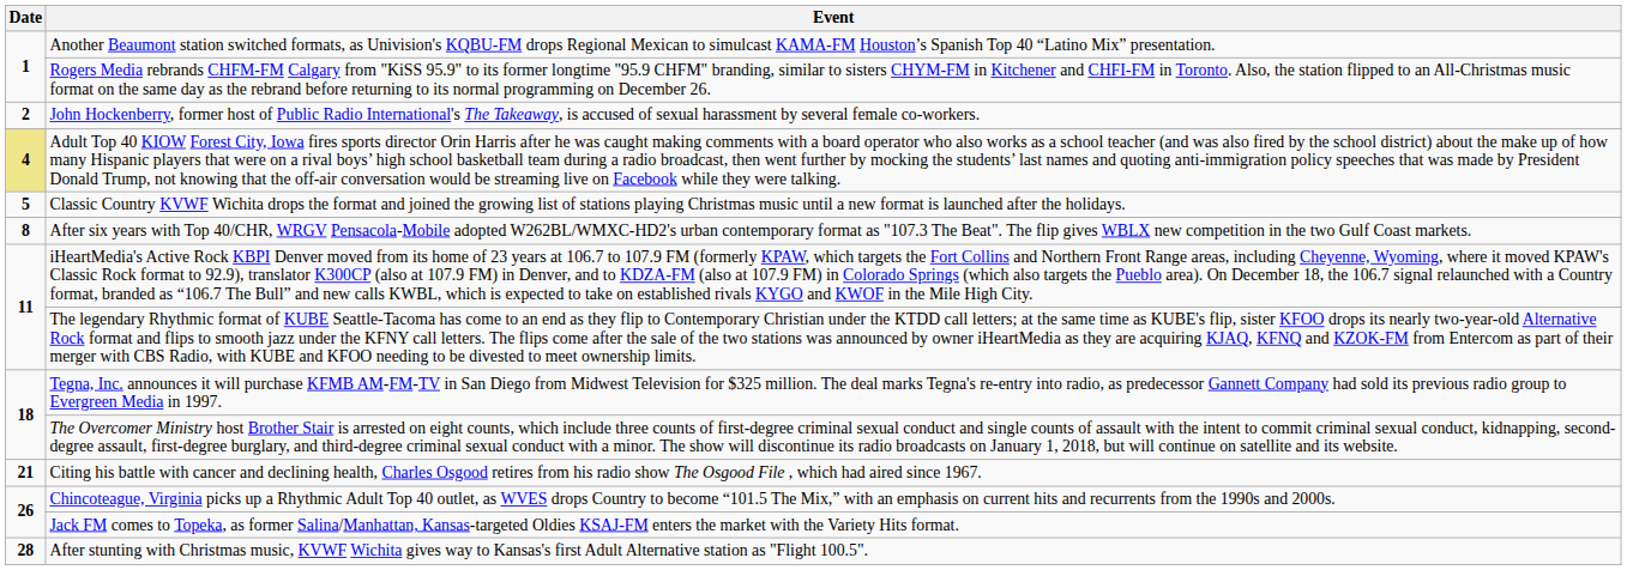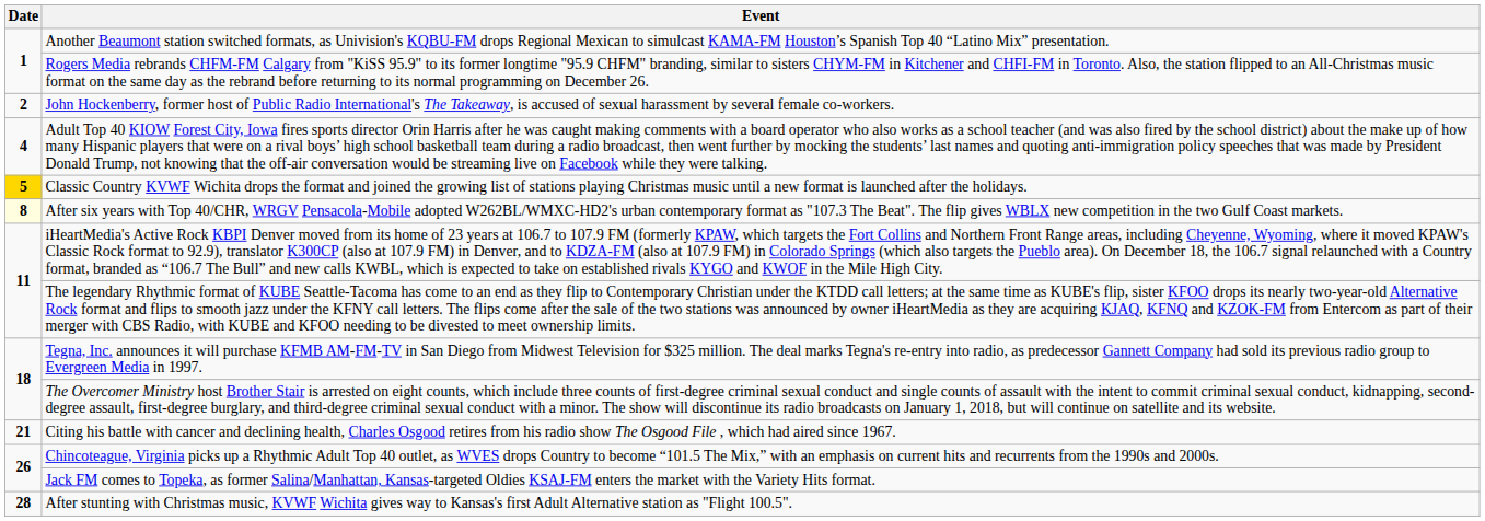 <table class="wikitable">
 <tr>
 <th>Date</th>
 <th>Event</th>
 </tr>
 <tr>
 <td style="text-align:center;" rowspan=2><strong>1</strong></td>
 <td>Another <a href='#'>Beaumont</a> station switched formats, as Univision's <a href='#'>KQBU-FM</a> drops Regional Mexican to simulcast <a href='#'>KAMA-FM</a> <a href='#'>Houston</a>’s Spanish Top 40 “Latino Mix” presentation.</td>
 </tr>
 <tr>
 <td><a href='#'>Rogers Media</a> rebrands <a href='#'>CHFM-FM</a> <a href='#'>Calgary</a> from "KiSS 95.9" to its former longtime "95.9 CHFM" branding, similar to sisters <a href='#'>CHYM-FM</a> in <a href='#'>Kitchener</a> and <a href='#'>CHFI-FM</a> in <a href='#'>Toronto</a>. Also, the station flipped to an All-Christmas music format on the same day as the rebrand before returning to its normal programming on December 26.</td>
 </tr>
 <tr>
 <td style="text-align:center;"><strong>2</strong></td>
 <td><a href='#'>John Hockenberry</a>, former host of <a href='#'>Public Radio International</a>'s <em><a href='#'>The Takeaway</a></em>, is accused of sexual harassment by several female co-workers.</td>
 </tr>
 <tr>
-<td style="background: khaki; text-align:center;"><strong>4</strong></td>
+<td style="text-align:center;"><strong>4</strong></td>
 <td>Adult Top 40 <a href='#'>KIOW</a> <a href='#'>Forest City, Iowa</a> fires sports director Orin Harris after he was caught making comments with a board operator who also works as a school teacher (and was also fired by the school district) about the make up of how many Hispanic players that were on a rival boys’ high school basketball team during a radio broadcast, then went further by mocking the students’ last names and quoting anti-immigration policy speeches that was made by President Donald Trump, not knowing that the off-air conversation would be streaming live on <a href='#'>Facebook</a> while they were talking.</td>
 </tr>
 <tr>
-<td style="text-align:center;"><strong>5</strong></td>
+<td style="background: gold; text-align:center;"><strong>5</strong></td>
 <td>Classic Country <a href='#'>KVWF</a> Wichita drops the format and joined the growing list of stations playing Christmas music until a new format is launched after the holidays.</td>
 </tr>
 <tr>
-<td style="text-align:center;"><strong>8</strong></td>
+<td style="background: lightyellow; text-align:center;"><strong>8</strong></td>
 <td>After six years with Top 40/CHR, <a href='#'>WRGV</a> <a href='#'>Pensacola</a>-<a href='#'>Mobile</a> adopted W262BL/WMXC-HD2's urban contemporary format as "107.3 The Beat". The flip gives <a href='#'>WBLX</a> new competition in the two Gulf Coast markets.</td>
 </tr>
 <tr>
 <td style="text-align:center;" rowspan=2><strong>11</strong></td>
 <td>iHeartMedia's Active Rock <a href='#'>KBPI</a> Denver moved from its home of 23 years at 106.7 to 107.9 FM (formerly <a href='#'>KPAW</a>, which targets the <a href='#'>Fort Collins</a> and Northern Front Range areas, including <a href='#'>Cheyenne, Wyoming</a>, where it moved KPAW's Classic Rock format to 92.9), translator <a href='#'>K300CP</a> (also at 107.9 FM) in Denver, and to <a href='#'>KDZA-FM</a> (also at 107.9 FM) in <a href='#'>Colorado Springs</a> (which also targets the <a href='#'>Pueblo</a> area). On December 18, the 106.7 signal relaunched with a Country format, branded as “106.7 The Bull” and new calls KWBL, which is expected to take on established rivals <a href='#'>KYGO</a> and <a href='#'>KWOF</a> in the Mile High City.</td>
 </tr>
 <tr>
 <td>The legendary Rhythmic format of <a href='#'>KUBE</a> Seattle-Tacoma has come to an end as they flip to Contemporary Christian under the KTDD call letters; at the same time as KUBE's flip, sister <a href='#'>KFOO</a> drops its nearly two-year-old <a href='#'>Alternative Rock</a> format and flips to smooth jazz under the KFNY call letters. The flips come after the sale of the two stations was announced by owner iHeartMedia as they are acquiring <a href='#'>KJAQ</a>, <a href='#'>KFNQ</a> and <a href='#'>KZOK-FM</a> from Entercom as part of their merger with CBS Radio, with KUBE and KFOO needing to be divested to meet ownership limits.</td>
 </tr>
 <tr>
 <td style="text-align:center;" rowspan=2><strong>18</strong></td>
 <td><a href='#'>Tegna, Inc.</a> announces it will purchase <a href='#'>KFMB AM</a>-<a href='#'>FM</a>-<a href='#'>TV</a> in San Diego from Midwest Television for $325 million. The deal marks Tegna's re-entry into radio, as predecessor <a href='#'>Gannett Company</a> had sold its previous radio group to <a href='#'>Evergreen Media</a> in 1997.</td>
 </tr>
 <tr>
 <td><em>The Overcomer Ministry</em> host <a href='#'>Brother Stair</a> is arrested on eight counts, which include three counts of first-degree criminal sexual conduct and single counts of assault with the intent to commit criminal sexual conduct, kidnapping, second-degree assault, first-degree burglary, and third-degree criminal sexual conduct with a minor. The show will discontinue its radio broadcasts on January 1, 2018, but will continue on satellite and its website.</td>
 </tr>
 <tr>
 <td style="text-align:center;"><strong>21</strong></td>
 <td>Citing his battle with cancer and declining health, <a href='#'>Charles Osgood</a> retires from his radio show <em>The Osgood File</em> , which had aired since 1967.</td>
 </tr>
 <tr>
 <td style="text-align:center;" rowspan=2><strong>26</strong></td>
 <td><a href='#'>Chincoteague, Virginia</a> picks up a Rhythmic Adult Top 40 outlet, as <a href='#'>WVES</a> drops Country to become “101.5 The Mix,” with an emphasis on current hits and recurrents from the 1990s and 2000s.</td>
 </tr>
 <tr>
 <td><a href='#'>Jack FM</a> comes to <a href='#'>Topeka</a>, as former <a href='#'>Salina</a>/<a href='#'>Manhattan, Kansas</a>-targeted Oldies <a href='#'>KSAJ-FM</a> enters the market with the Variety Hits format.</td>
 </tr>
 <tr>
 <td style="text-align:center;" rowspan=2><strong>28</strong></td>
 <td>After stunting with Christmas music, <a href='#'>KVWF</a> <a href='#'>Wichita</a> gives way to Kansas's first Adult Alternative station as "Flight 100.5".</td>
 </tr>
 </table>
